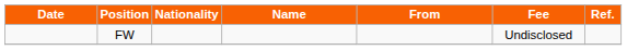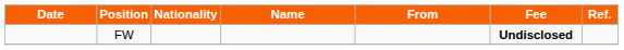 <table class="wikitable"  style="text-align:center; font-size:90%; ">
 <tr>
 <th style="background:#F86103; color:white; width:100px;">Date</th>
 <th style="background:#F86103; color:white; width:50px;">Position</th>
 <th style="background:#F86103; color:white; width:50px;">Nationality</th>
 <th style="background:#F86103; color:white; width:150px;">Name</th>
 <th style="background:#F86103; color:white; width:150px;">From</th>
 <th style="background:#F86103; color:white; width:100px;">Fee</th>
 <th style="background:#F86103; color:white; width:35px;">Ref.</th>
 </tr>
 <tr>
 <td></td>
 <td>FW</td>
 <td></td>
 <td></td>
 <td></td>
-<td>Undisclosed</td>
+<td><strong>Undisclosed</strong></td>
 <td></td>
 </tr>
 <tr>
 </tr>
 </table>
